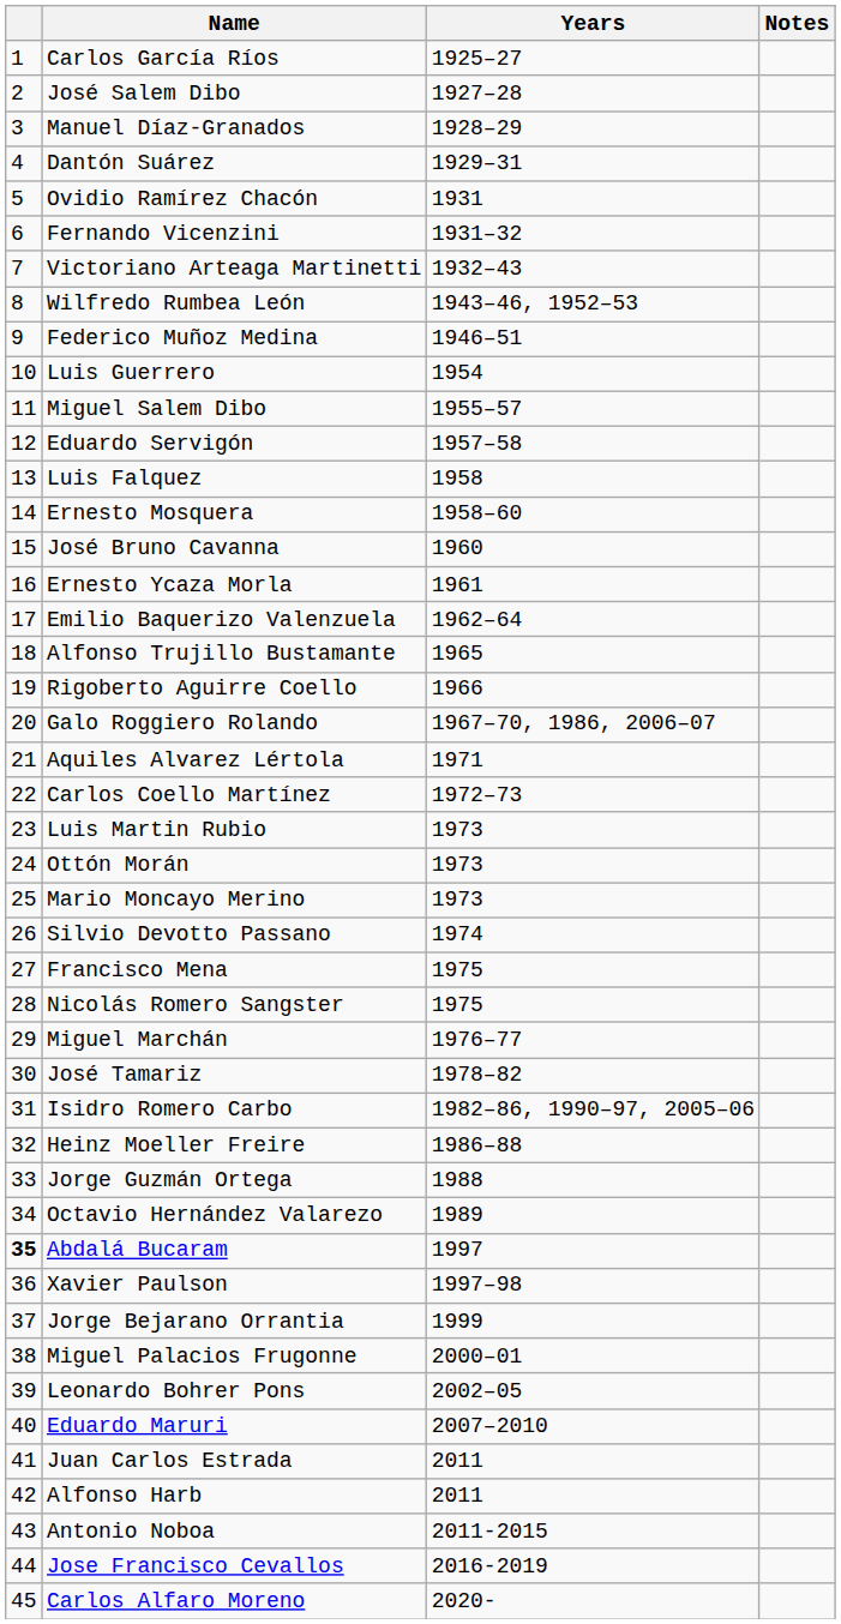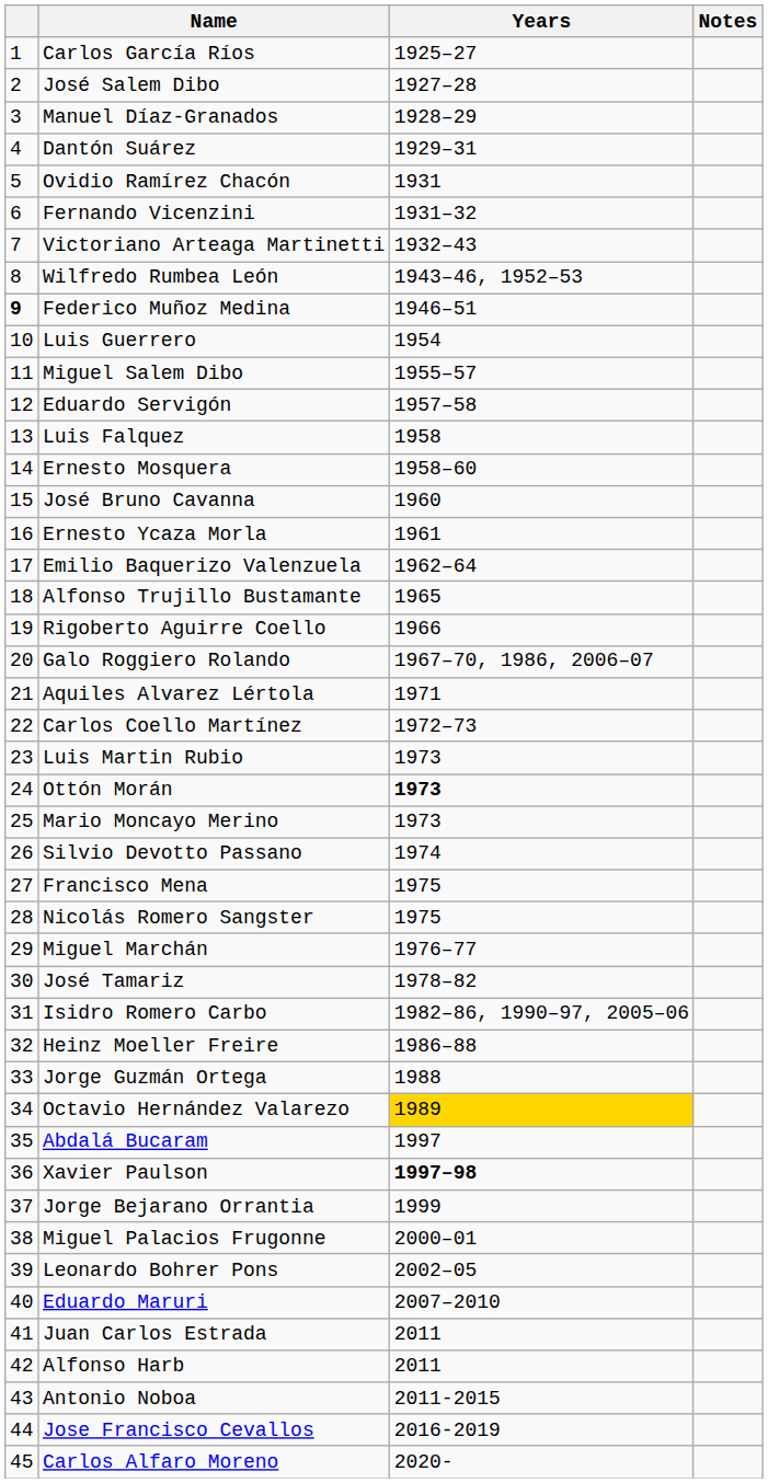 <table class="wikitable">
 <tr>
 <th></th>
 <th>Name</th>
 <th>Years</th>
 <th>Notes</th>
 </tr>
 <tr>
 <td>1</td>
 <td>Carlos García Ríos</td>
 <td>1925–27</td>
 <td></td>
 </tr>
 <tr>
 <td>2</td>
 <td>José Salem Dibo</td>
 <td>1927–28</td>
 <td></td>
 </tr>
 <tr>
 <td>3</td>
 <td>Manuel Díaz-Granados</td>
 <td>1928–29</td>
 <td></td>
 </tr>
 <tr>
 <td>4</td>
 <td>Dantón Suárez</td>
 <td>1929–31</td>
 <td></td>
 </tr>
 <tr>
 <td>5</td>
 <td>Ovidio Ramírez Chacón</td>
 <td>1931</td>
 <td></td>
 </tr>
 <tr>
 <td>6</td>
 <td>Fernando Vicenzini</td>
 <td>1931–32</td>
 <td></td>
 </tr>
 <tr>
 <td>7</td>
 <td>Victoriano Arteaga Martinetti</td>
 <td>1932–43</td>
 <td></td>
 </tr>
 <tr>
 <td>8</td>
 <td>Wilfredo Rumbea León</td>
 <td>1943–46, 1952–53</td>
 <td></td>
 </tr>
 <tr>
-<td>9</td>
+<td><strong>9</strong></td>
 <td>Federico Muñoz Medina</td>
 <td>1946–51</td>
 <td></td>
 </tr>
 <tr>
 <td>10</td>
 <td>Luis Guerrero</td>
 <td>1954</td>
 <td></td>
 </tr>
 <tr>
 <td>11</td>
 <td>Miguel Salem Dibo</td>
 <td>1955–57</td>
 <td></td>
 </tr>
 <tr>
 <td>12</td>
 <td>Eduardo Servigón</td>
 <td>1957–58</td>
 <td></td>
 </tr>
 <tr>
 <td>13</td>
 <td>Luis Falquez</td>
 <td>1958</td>
 <td></td>
 </tr>
 <tr>
 <td>14</td>
 <td>Ernesto Mosquera</td>
 <td>1958–60</td>
 <td></td>
 </tr>
 <tr>
 <td>15</td>
 <td>José Bruno Cavanna</td>
 <td>1960</td>
 <td></td>
 </tr>
 <tr>
 <td>16</td>
 <td>Ernesto Ycaza Morla</td>
 <td>1961</td>
 <td></td>
 </tr>
 <tr>
 <td>17</td>
 <td>Emilio Baquerizo Valenzuela</td>
 <td>1962–64</td>
 <td></td>
 </tr>
 <tr>
 <td>18</td>
 <td>Alfonso Trujillo Bustamante</td>
 <td>1965</td>
 <td></td>
 </tr>
 <tr>
 <td>19</td>
 <td>Rigoberto Aguirre Coello</td>
 <td>1966</td>
 <td></td>
 </tr>
 <tr>
 <td>20</td>
 <td>Galo Roggiero Rolando</td>
 <td>1967–70, 1986, 2006–07</td>
 <td></td>
 </tr>
 <tr>
 <td>21</td>
 <td>Aquiles Alvarez Lértola</td>
 <td>1971</td>
 <td></td>
 </tr>
 <tr>
 <td>22</td>
 <td>Carlos Coello Martínez</td>
 <td>1972–73</td>
 <td></td>
 </tr>
 <tr>
 <td>23</td>
 <td>Luis Martin Rubio</td>
 <td>1973</td>
 <td></td>
 </tr>
 <tr>
 <td>24</td>
 <td>Ottón Morán</td>
-<td>1973</td>
+<td><strong>1973</strong></td>
 <td></td>
 </tr>
 <tr>
 <td>25</td>
 <td>Mario Moncayo Merino</td>
 <td>1973</td>
 <td></td>
 </tr>
 <tr>
 <td>26</td>
 <td>Silvio Devotto Passano</td>
 <td>1974</td>
 <td></td>
 </tr>
 <tr>
 <td>27</td>
 <td>Francisco Mena</td>
 <td>1975</td>
 <td></td>
 </tr>
 <tr>
 <td>28</td>
 <td>Nicolás Romero Sangster</td>
 <td>1975</td>
 <td></td>
 </tr>
 <tr>
 <td>29</td>
 <td>Miguel Marchán</td>
 <td>1976–77</td>
 <td></td>
 </tr>
 <tr>
 <td>30</td>
 <td>José Tamariz</td>
 <td>1978–82</td>
 <td></td>
 </tr>
 <tr>
 <td>31</td>
 <td>Isidro Romero Carbo</td>
 <td>1982–86, 1990–97, 2005–06</td>
 <td></td>
 </tr>
 <tr>
 <td>32</td>
 <td>Heinz Moeller Freire</td>
 <td>1986–88</td>
 <td></td>
 </tr>
 <tr>
 <td>33</td>
 <td>Jorge Guzmán Ortega</td>
 <td>1988</td>
 <td></td>
 </tr>
 <tr>
 <td>34</td>
 <td>Octavio Hernández Valarezo</td>
-<td>1989</td>
+<td style="background: gold;">1989</td>
 <td></td>
 </tr>
 <tr>
-<td><strong>35</strong></td>
+<td>35</td>
 <td><a href='#'>Abdalá Bucaram</a></td>
 <td>1997</td>
 <td></td>
 </tr>
 <tr>
 <td>36</td>
 <td>Xavier Paulson</td>
-<td>1997–98</td>
+<td><strong>1997–98</strong></td>
 <td></td>
 </tr>
 <tr>
 <td>37</td>
 <td>Jorge Bejarano Orrantia</td>
 <td>1999</td>
 <td></td>
 </tr>
 <tr>
 <td>38</td>
 <td>Miguel Palacios Frugonne</td>
 <td>2000–01</td>
 <td></td>
 </tr>
 <tr>
 <td>39</td>
 <td>Leonardo Bohrer Pons</td>
 <td>2002–05</td>
 <td></td>
 </tr>
 <tr>
 <td>40</td>
 <td><a href='#'>Eduardo Maruri</a></td>
 <td>2007–2010</td>
 <td></td>
 </tr>
 <tr>
 <td>41</td>
 <td>Juan Carlos Estrada</td>
 <td>2011</td>
 <td></td>
 </tr>
 <tr>
 <td>42</td>
 <td>Alfonso Harb</td>
 <td>2011</td>
 <td></td>
 </tr>
 <tr>
 <td>43</td>
 <td>Antonio Noboa</td>
 <td>2011-2015</td>
 <td></td>
 </tr>
 <tr>
 <td>44</td>
 <td><a href='#'>Jose Francisco Cevallos</a></td>
 <td>2016-2019</td>
 <td></td>
 </tr>
 <tr>
 <td>45</td>
 <td><a href='#'>Carlos Alfaro Moreno</a></td>
 <td>2020-</td>
 <td></td>
 </tr>
 </table>
